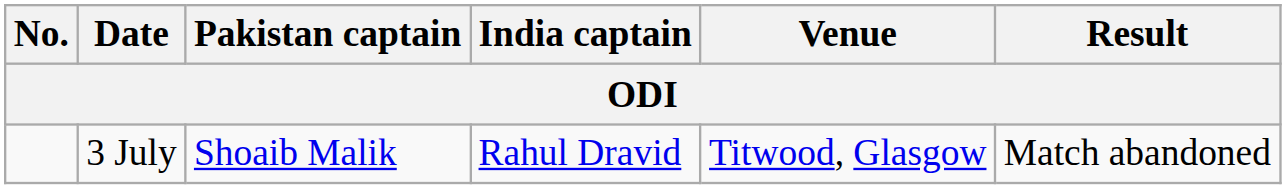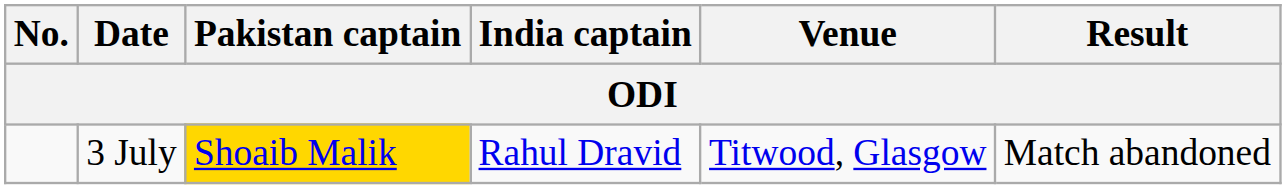 <table class="wikitable">
 <tr>
 <th>No.</th>
 <th>Date</th>
 <th>Pakistan captain</th>
 <th>India captain</th>
 <th>Venue</th>
 <th>Result</th>
 </tr>
 <tr>
 <th colspan="6">ODI</th>
 </tr>
 <tr>
 <td></td>
 <td>3 July</td>
-<td><a href='#'>Shoaib Malik</a></td>
+<td style="background: gold;"><a href='#'>Shoaib Malik</a></td>
 <td><a href='#'>Rahul Dravid</a></td>
 <td><a href='#'>Titwood</a>, <a href='#'>Glasgow</a></td>
 <td>Match abandoned</td>
 </tr>
 </table>
